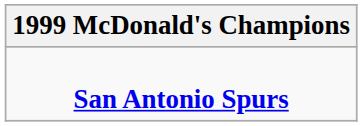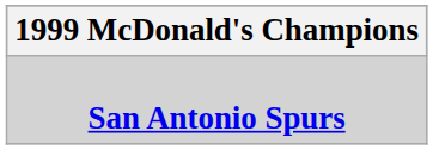 <table class=wikitable style="text-align:center; margin:auto">
 <tr>
 <th>1999 McDonald's Champions</th>
 </tr>
 <tr>
-<td><br><strong><a href='#'>San Antonio Spurs</a></strong></td>
+<td style="background: lightgrey;"><br><strong><a href='#'>San Antonio Spurs</a></strong></td>
 </tr>
 </table>
